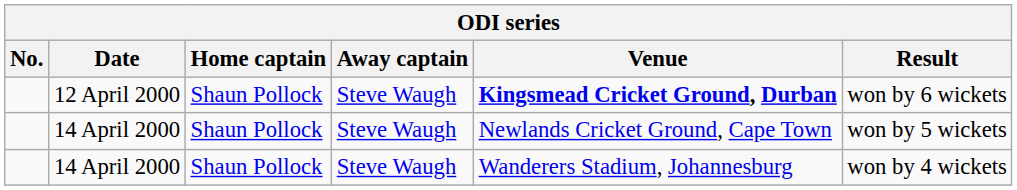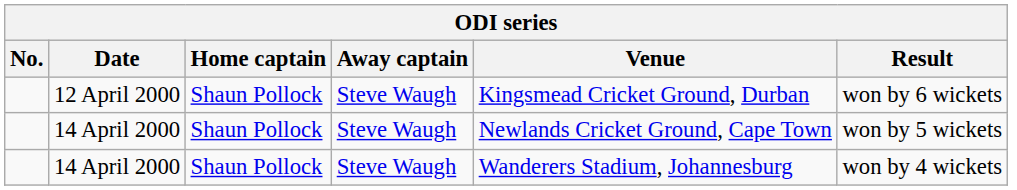 <table class="wikitable">
 <tr>
 <th colspan="6">ODI series</th>
 </tr>
 <tr>
 <th>No.</th>
 <th>Date</th>
 <th>Home captain</th>
 <th>Away captain</th>
 <th>Venue</th>
 <th>Result</th>
 </tr>
 <tr>
 <td></td>
 <td>12 April 2000</td>
 <td><a href='#'>Shaun Pollock</a></td>
 <td><a href='#'>Steve Waugh</a></td>
-<td><strong><a href='#'>Kingsmead Cricket Ground</a>, <a href='#'>Durban</a></strong></td>
+<td><a href='#'>Kingsmead Cricket Ground</a>, <a href='#'>Durban</a></td>
 <td> won by 6 wickets</td>
 </tr>
 <tr>
 <td></td>
 <td>14 April 2000</td>
 <td><a href='#'>Shaun Pollock</a></td>
 <td><a href='#'>Steve Waugh</a></td>
 <td><a href='#'>Newlands Cricket Ground</a>, <a href='#'>Cape Town</a></td>
 <td> won by 5 wickets</td>
 </tr>
 <tr>
 <td></td>
 <td>14 April 2000</td>
 <td><a href='#'>Shaun Pollock</a></td>
 <td><a href='#'>Steve Waugh</a></td>
 <td><a href='#'>Wanderers Stadium</a>, <a href='#'>Johannesburg</a></td>
 <td> won by 4 wickets</td>
 </tr>
 </table>
